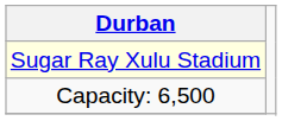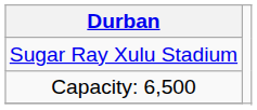 <table class="wikitable" style="text-align:center; margin:0.2em auto;">
 <tr>
 <th><a href='#'>Durban</a></th>
 <td rowspan="4"></td>
 </tr>
 <tr>
-<td style="background: lightyellow;"><a href='#'>Sugar Ray Xulu Stadium</a></td>
+<td><a href='#'>Sugar Ray Xulu Stadium</a></td>
 </tr>
 <tr>
 <td>Capacity: 6,500</td>
 </tr>
 <tr>
 </tr>
 </table>
